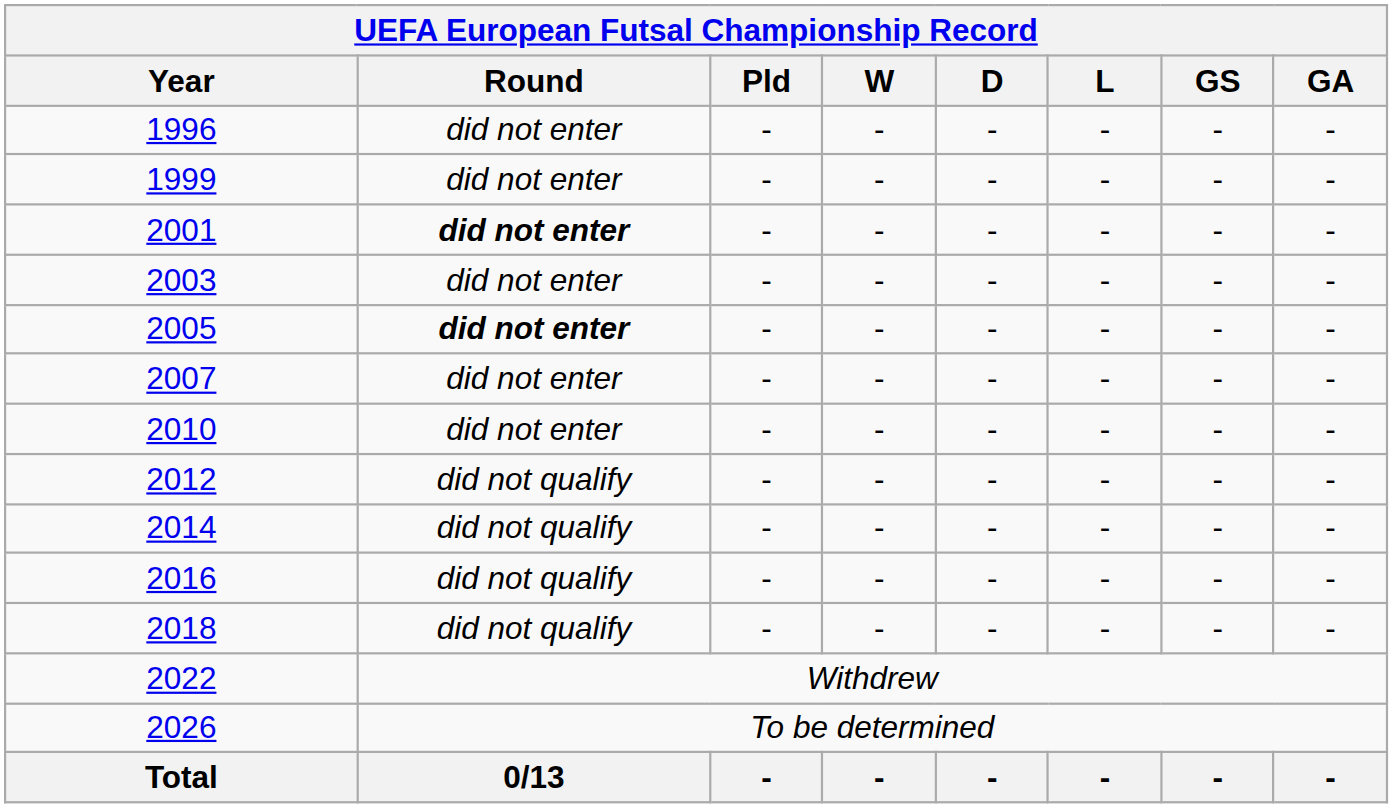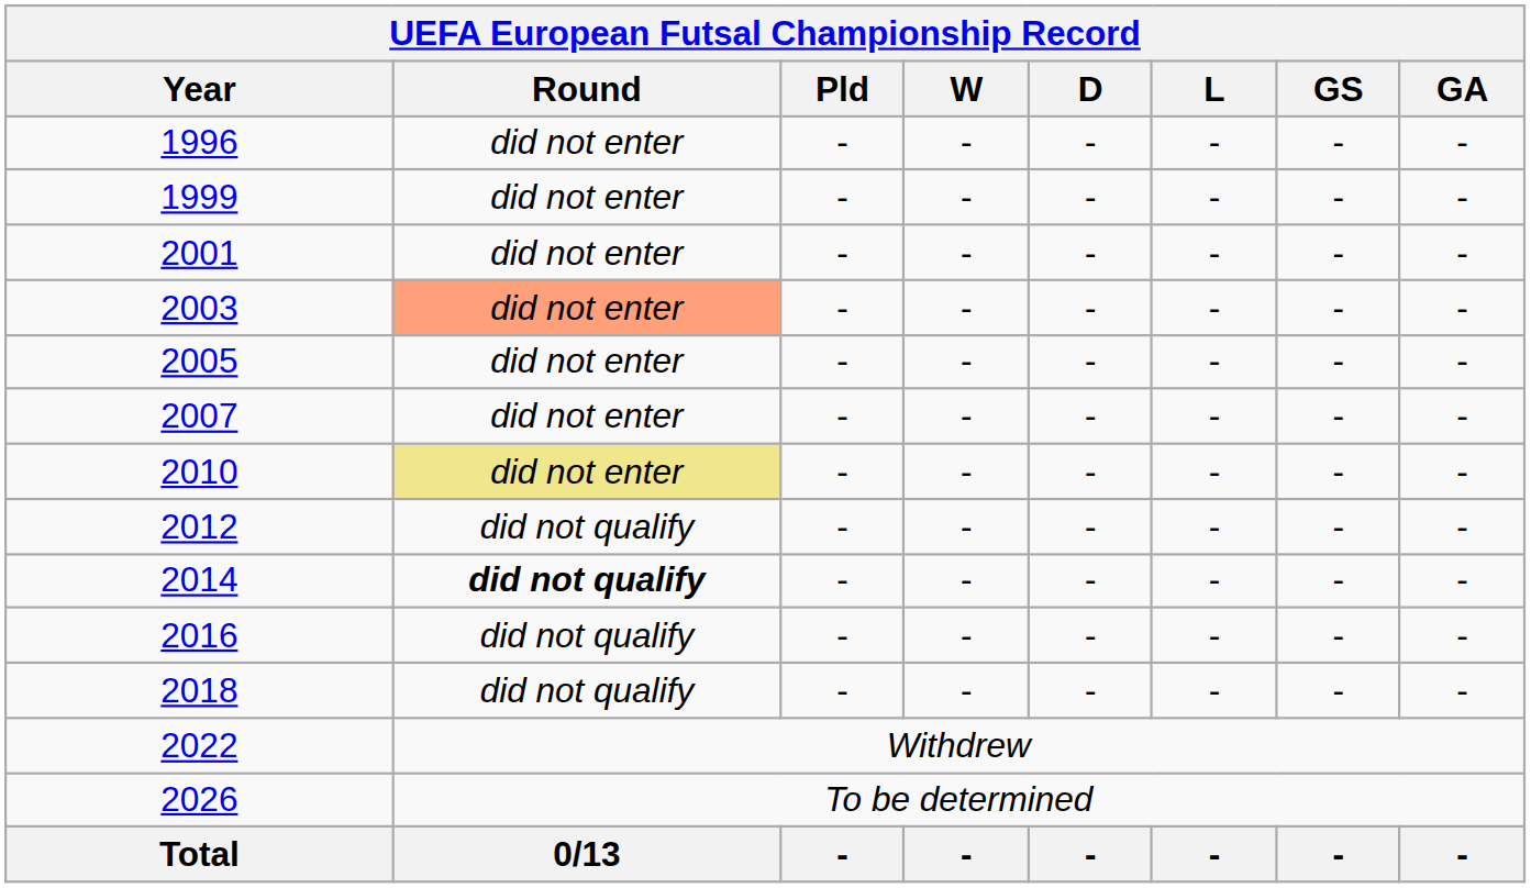 <table class="wikitable" width=50% style="text-align: center;font-size:90%;">
 <tr>
 <th colspan=9><a href='#'>UEFA European Futsal Championship Record</a></th>
 </tr>
 <tr>
 <th width=25%>Year</th>
 <th width=25%>Round</th>
 <th width=8%>Pld</th>
 <th width=8%>W</th>
 <th width=8%>D</th>
 <th width=8%>L</th>
 <th width=8%>GS</th>
 <th width=8%>GA</th>
 </tr>
 <tr>
 <td> <a href='#'>1996</a></td>
 <td><em>did not enter</em></td>
 <td>-</td>
 <td>-</td>
 <td>-</td>
 <td>-</td>
 <td>-</td>
 <td>-</td>
 </tr>
 <tr>
 <td> <a href='#'>1999</a></td>
 <td><em>did not enter</em></td>
 <td>-</td>
 <td>-</td>
 <td>-</td>
 <td>-</td>
 <td>-</td>
 <td>-</td>
 </tr>
 <tr>
 <td> <a href='#'>2001</a></td>
-<td><strong><em>did not enter</em></strong></td>
+<td><em>did not enter</em></td>
 <td>-</td>
 <td>-</td>
 <td>-</td>
 <td>-</td>
 <td>-</td>
 <td>-</td>
 </tr>
 <tr>
 <td> <a href='#'>2003</a></td>
-<td><em>did not enter</em></td>
+<td style="background: lightsalmon;"><em>did not enter</em></td>
 <td>-</td>
 <td>-</td>
 <td>-</td>
 <td>-</td>
 <td>-</td>
 <td>-</td>
 </tr>
 <tr>
 <td> <a href='#'>2005</a></td>
-<td><strong><em>did not enter</em></strong></td>
+<td><em>did not enter</em></td>
 <td>-</td>
 <td>-</td>
 <td>-</td>
 <td>-</td>
 <td>-</td>
 <td>-</td>
 </tr>
 <tr>
 <td> <a href='#'>2007</a></td>
 <td><em>did not enter</em></td>
 <td>-</td>
 <td>-</td>
 <td>-</td>
 <td>-</td>
 <td>-</td>
 <td>-</td>
 </tr>
 <tr>
 <td> <a href='#'>2010</a></td>
-<td><em>did not enter</em></td>
+<td style="background: khaki;"><em>did not enter</em></td>
 <td>-</td>
 <td>-</td>
 <td>-</td>
 <td>-</td>
 <td>-</td>
 <td>-</td>
 </tr>
 <tr>
 <td> <a href='#'>2012</a></td>
 <td><em>did not qualify</em></td>
 <td>-</td>
 <td>-</td>
 <td>-</td>
 <td>-</td>
 <td>-</td>
 <td>-</td>
 </tr>
 <tr>
 <td> <a href='#'>2014</a></td>
-<td><em>did not qualify</em></td>
+<td><strong><em>did not qualify</em></strong></td>
 <td>-</td>
 <td>-</td>
 <td>-</td>
 <td>-</td>
 <td>-</td>
 <td>-</td>
 </tr>
 <tr>
 <td> <a href='#'>2016</a></td>
 <td><em>did not qualify</em></td>
 <td>-</td>
 <td>-</td>
 <td>-</td>
 <td>-</td>
 <td>-</td>
 <td>-</td>
 </tr>
 <tr>
 <td> <a href='#'>2018</a></td>
 <td><em>did not qualify</em></td>
 <td>-</td>
 <td>-</td>
 <td>-</td>
 <td>-</td>
 <td>-</td>
 <td>-</td>
 </tr>
 <tr>
 <td> <a href='#'>2022</a></td>
 <td colspan=7><em>Withdrew</em></td>
 </tr>
 <tr>
 <td> <a href='#'>2026</a></td>
 <td colspan=7><em>To be determined</em></td>
 </tr>
 <tr>
 <th><strong>Total</strong></th>
 <th>0/13</th>
 <th>-</th>
 <th>-</th>
 <th>-</th>
 <th>-</th>
 <th>-</th>
 <th>-</th>
 </tr>
 </table>
